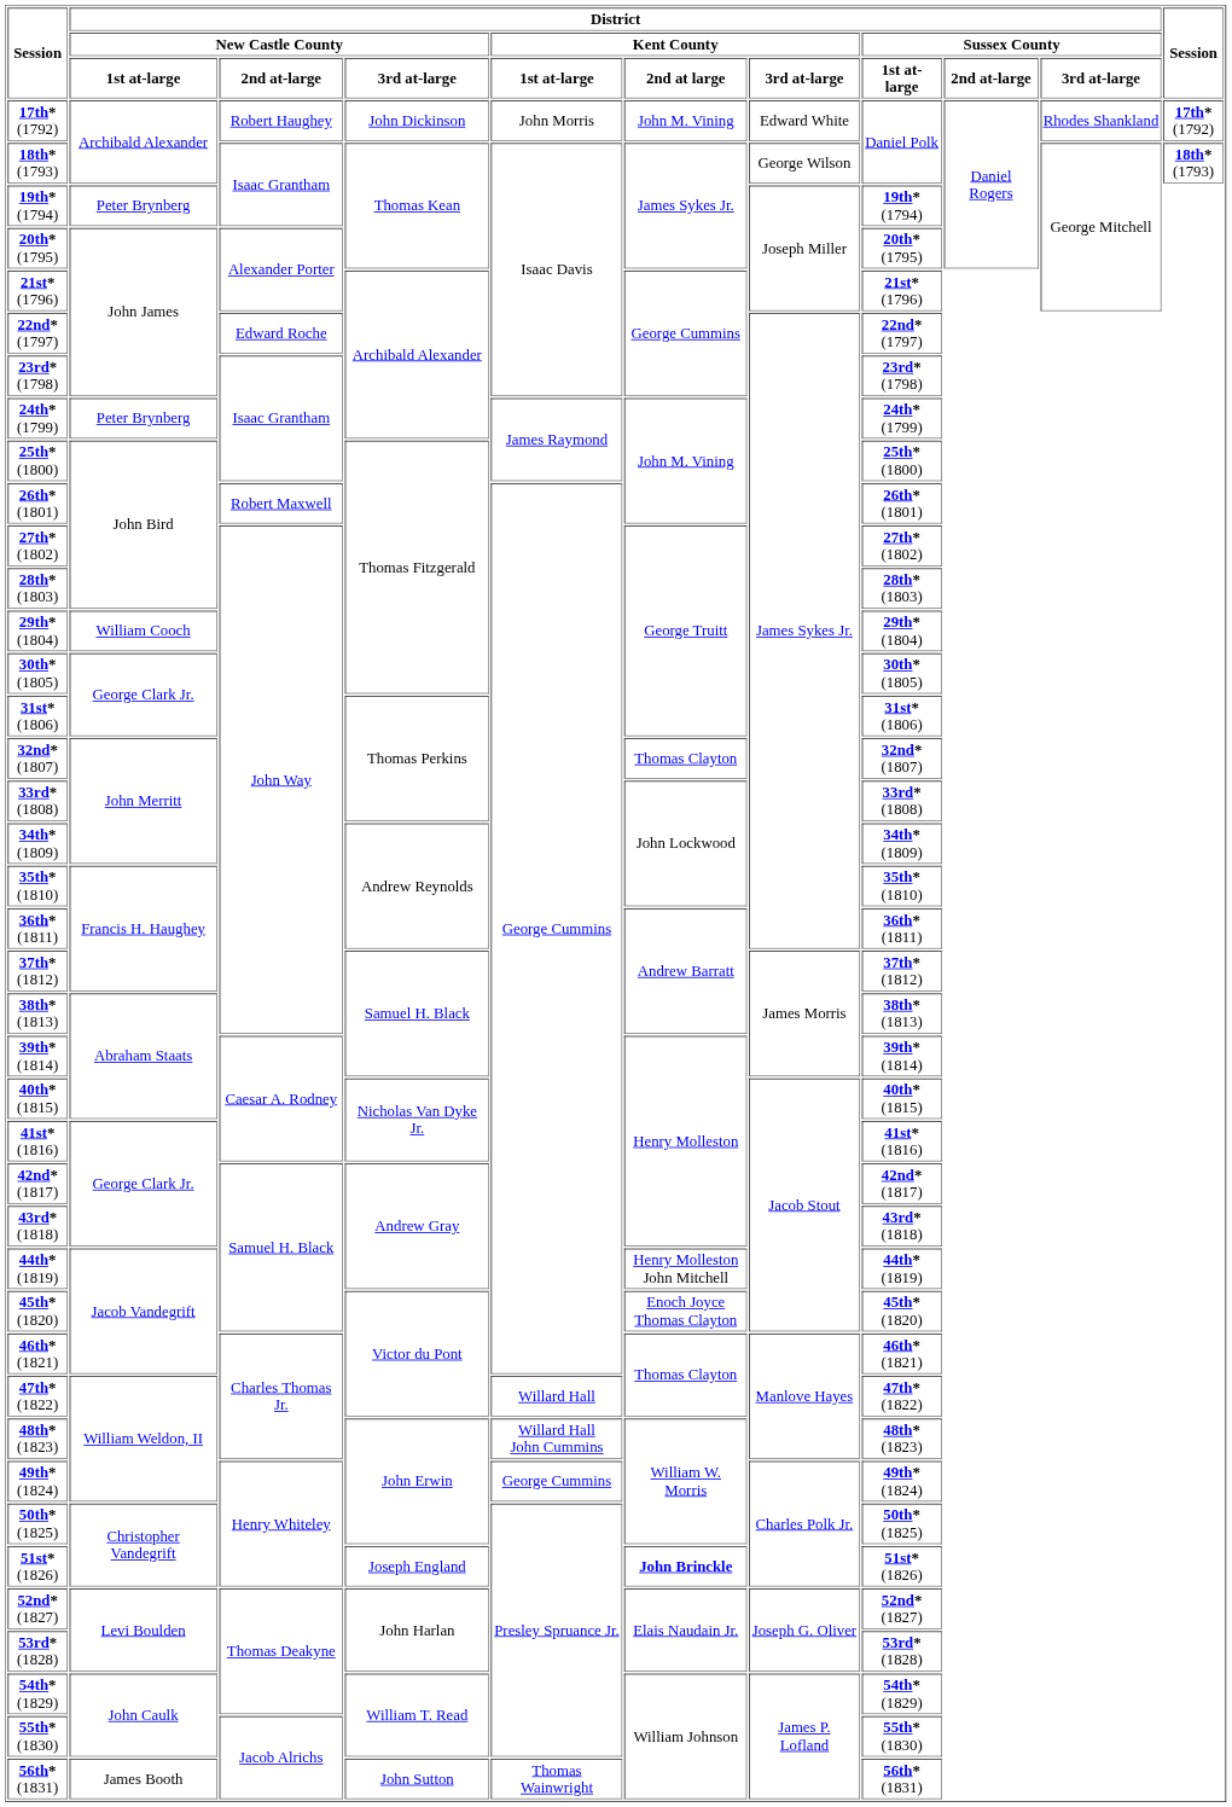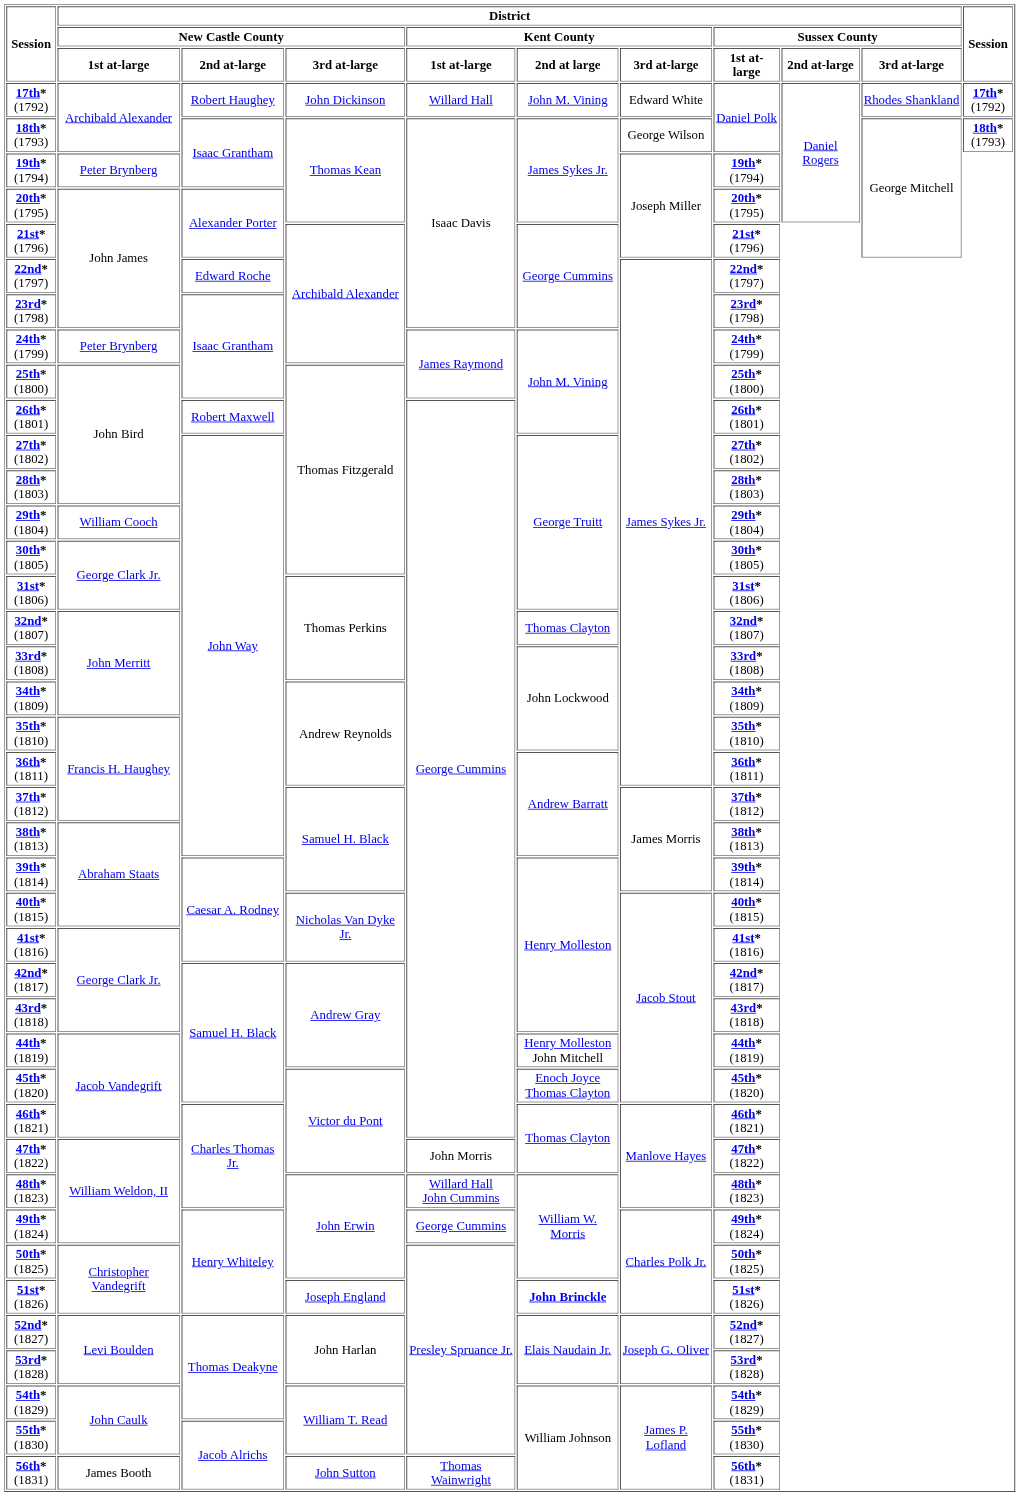 <table border=1 cellpadding=2 cellspacing=2 width=100%>
 <tr>
 <th rowspan="3" width="5%">Session</th>
 <th colspan="9">District</th>
 <th rowspan="3" width="5%">Session</th>
 </tr>
 <tr>
 <th colspan="3">New Castle County</th>
 <th colspan="3">Kent County</th>
 <th colspan="3">Sussex County</th>
 </tr>
 <tr>
 <th>1st at-large</th>
 <th>2nd at-large</th>
 <th>3rd at-large</th>
 <th>1st at-large</th>
 <th>2nd at large</th>
 <th>3rd at-large</th>
 <th>1st at-large</th>
 <th>2nd at-large</th>
 <th>3rd at-large</th>
 </tr>
 <tr align=center>
 <td><strong><a href='#'>17th</a>*</strong><br>(1792)</td>
 <td bgcolor=#FFFFFF rowspan="2"><a href='#'>Archibald Alexander</a></td>
 <td bgcolor=#FFFFFF rowspan="1"><a href='#'>Robert Haughey</a></td>
 <td bgcolor=#FFFFFF rowspan="1"><a href='#'>John Dickinson</a></td>
-<td bgcolor=#FFFFFF rowspan="1">John Morris</td>
+<td bgcolor=#FFFFFF rowspan="1"><a href='#'>Willard Hall</a></td>
 <td bgcolor=#FFFFFF rowspan="1"><a href='#'>John M. Vining</a></td>
 <td bgcolor=#FFFFFF rowspan="1">Edward White</td>
 <td bgcolor=#FFFFFF rowspan="2"><a href='#'>Daniel Polk</a></td>
 <td bgcolor=#FFFFFF rowspan="4"><a href='#'>Daniel Rogers</a></td>
 <td bgcolor=#FFFFFF rowspan="1"><a href='#'>Rhodes Shankland</a></td>
 <td><strong><a href='#'>17th</a>*</strong><br>(1792)</td>
 </tr>
 <tr align=center>
 <td><strong><a href='#'>18th</a>*</strong><br>(1793)</td>
 <td bgcolor=#FFFFFF rowspan="2"><a href='#'>Isaac Grantham</a></td>
 <td bgcolor=#FFFFFF rowspan="3"><a href='#'>Thomas Kean</a></td>
 <td bgcolor=#FFFFFF rowspan="6">Isaac Davis</td>
 <td bgcolor=#FFFFFF rowspan="3"><a href='#'>James Sykes Jr.</a></td>
 <td bgcolor=#FFFFFF rowspan="1">George Wilson</td>
 <td bgcolor=#FFFFFF rowspan="4">George Mitchell</td>
 <td><strong><a href='#'>18th</a>*</strong><br>(1793)</td>
 </tr>
 <tr align=center>
 <td><strong><a href='#'>19th</a>*</strong><br>(1794)</td>
 <td bgcolor=#FFFFFF rowspan="1"><a href='#'>Peter Brynberg</a></td>
 <td bgcolor=#FFFFFF rowspan="3">Joseph Miller</td>
 <td><strong><a href='#'>19th</a>*</strong><br>(1794)</td>
 </tr>
 <tr align=center>
 <td><strong><a href='#'>20th</a>*</strong><br>(1795)</td>
 <td bgcolor=#FFFFFF rowspan="4">John James</td>
 <td bgcolor=#FFFFFF rowspan="2"><a href='#'>Alexander Porter</a></td>
 <td><strong><a href='#'>20th</a>*</strong><br>(1795)</td>
 </tr>
 <tr align=center>
 <td><strong><a href='#'>21st</a>*</strong><br>(1796)</td>
 <td bgcolor=#FFFFFF rowspan="4"><a href='#'>Archibald Alexander</a></td>
 <td bgcolor=#FFFFFF rowspan="3"><a href='#'>George Cummins</a></td>
 <td><strong><a href='#'>21st</a>*</strong><br>(1796)</td>
 </tr>
 <tr align=center>
 <td><strong><a href='#'>22nd</a>*</strong><br>(1797)</td>
 <td bgcolor=#FFFFFF rowspan="1"><a href='#'>Edward Roche</a></td>
 <td bgcolor=#FFFFFF rowspan="15"><a href='#'>James Sykes Jr.</a></td>
 <td><strong><a href='#'>22nd</a>*</strong><br>(1797)</td>
 </tr>
 <tr align=center>
 <td><strong><a href='#'>23rd</a>*</strong><br>(1798)</td>
 <td bgcolor=#FFFFFF rowspan="3"><a href='#'>Isaac Grantham</a></td>
 <td><strong><a href='#'>23rd</a>*</strong><br>(1798)</td>
 </tr>
 <tr align=center>
 <td><strong><a href='#'>24th</a>*</strong><br>(1799)</td>
 <td bgcolor=#FFFFFF rowspan="1"><a href='#'>Peter Brynberg</a></td>
 <td bgcolor=#FFFFFF rowspan="2"><a href='#'>James Raymond</a></td>
 <td bgcolor=#FFFFFF rowspan="3"><a href='#'>John M. Vining</a></td>
 <td><strong><a href='#'>24th</a>*</strong><br>(1799)</td>
 </tr>
 <tr align=center>
 <td><strong><a href='#'>25th</a>*</strong><br>(1800)</td>
 <td bgcolor=#FFFFFF rowspan="4">John Bird</td>
 <td bgcolor=#FFFFFF rowspan="6">Thomas Fitzgerald</td>
 <td><strong><a href='#'>25th</a>*</strong><br>(1800)</td>
 </tr>
 <tr align=center>
 <td><strong><a href='#'>26th</a>*</strong><br>(1801)</td>
 <td bgcolor=#FFFFFF rowspan="1"><a href='#'>Robert Maxwell</a></td>
 <td bgcolor=#FFFFFF rowspan="21"><a href='#'>George Cummins</a></td>
 <td><strong><a href='#'>26th</a>*</strong><br>(1801)</td>
 </tr>
 <tr align=center>
 <td><strong><a href='#'>27th</a>*</strong><br>(1802)</td>
 <td bgcolor=#FFFFFF rowspan="12"><a href='#'>John Way</a></td>
 <td bgcolor=#FFFFFF rowspan="5"><a href='#'>George Truitt</a></td>
 <td><strong><a href='#'>27th</a>*</strong><br>(1802)</td>
 </tr>
 <tr align=center>
 <td><strong><a href='#'>28th</a>*</strong><br>(1803)</td>
 <td><strong><a href='#'>28th</a>*</strong><br>(1803)</td>
 </tr>
 <tr align=center>
 <td><strong><a href='#'>29th</a>*</strong><br>(1804)</td>
 <td bgcolor=#FFFFFF rowspan="1"><a href='#'>William Cooch</a></td>
 <td><strong><a href='#'>29th</a>*</strong><br>(1804)</td>
 </tr>
 <tr align=center>
 <td><strong><a href='#'>30th</a>*</strong><br>(1805)</td>
 <td bgcolor=#FFFFFF rowspan="2"><a href='#'>George Clark Jr.</a></td>
 <td><strong><a href='#'>30th</a>*</strong><br>(1805)</td>
 </tr>
 <tr align=center>
 <td><strong><a href='#'>31st</a>*</strong><br>(1806)</td>
 <td bgcolor=#FFFFFF rowspan="3">Thomas Perkins</td>
 <td><strong><a href='#'>31st</a>*</strong><br>(1806)</td>
 </tr>
 <tr align=center>
 <td><strong><a href='#'>32nd</a>*</strong><br>(1807)</td>
 <td bgcolor=#FFFFFF rowspan="3"><a href='#'>John Merritt</a></td>
 <td bgcolor=#FFFFFF rowspan="1"><a href='#'>Thomas Clayton</a></td>
 <td><strong><a href='#'>32nd</a>*</strong><br>(1807)</td>
 </tr>
 <tr align=center>
 <td><strong><a href='#'>33rd</a>*</strong><br>(1808)</td>
 <td bgcolor=#FFFFFF rowspan="3">John Lockwood</td>
 <td><strong><a href='#'>33rd</a>*</strong><br>(1808)</td>
 </tr>
 <tr align=center>
 <td><strong><a href='#'>34th</a>*</strong><br>(1809)</td>
 <td bgcolor=#FFFFFF rowspan="3">Andrew Reynolds</td>
 <td><strong><a href='#'>34th</a>*</strong><br>(1809)</td>
 </tr>
 <tr align=center>
 <td><strong><a href='#'>35th</a>*</strong><br>(1810)</td>
 <td bgcolor=#FFFFFF rowspan="3"><a href='#'>Francis H. Haughey</a></td>
 <td><strong><a href='#'>35th</a>*</strong><br>(1810)</td>
 </tr>
 <tr align=center>
 <td><strong><a href='#'>36th</a>*</strong><br>(1811)</td>
 <td bgcolor=#FFFFFF rowspan="3"><a href='#'>Andrew Barratt</a></td>
 <td><strong><a href='#'>36th</a>*</strong><br>(1811)</td>
 </tr>
 <tr align=center>
 <td><strong><a href='#'>37th</a>*</strong><br>(1812)</td>
 <td bgcolor=#FFFFFF rowspan="3"><a href='#'>Samuel H. Black</a></td>
 <td bgcolor=#FFFFFF rowspan="3">James Morris</td>
 <td><strong><a href='#'>37th</a>*</strong><br>(1812)</td>
 </tr>
 <tr align=center>
 <td><strong><a href='#'>38th</a>*</strong><br>(1813)</td>
 <td bgcolor=#FFFFFF rowspan="3"><a href='#'>Abraham Staats</a></td>
 <td><strong><a href='#'>38th</a>*</strong><br>(1813)</td>
 </tr>
 <tr align=center>
 <td><strong><a href='#'>39th</a>*</strong><br>(1814)</td>
 <td bgcolor=#FFFFFF rowspan="3"><a href='#'>Caesar A. Rodney</a></td>
 <td bgcolor=#FFFFFF rowspan="5"><a href='#'>Henry Molleston</a></td>
 <td><strong><a href='#'>39th</a>*</strong><br>(1814)</td>
 </tr>
 <tr align=center>
 <td><strong><a href='#'>40th</a>*</strong><br>(1815)</td>
 <td bgcolor=#FFFFFF rowspan="2"><a href='#'>Nicholas Van Dyke Jr.</a></td>
 <td bgcolor=#FFFFFF rowspan="6"><a href='#'>Jacob Stout</a></td>
 <td><strong><a href='#'>40th</a>*</strong><br>(1815)</td>
 </tr>
 <tr align=center>
 <td><strong><a href='#'>41st</a>*</strong><br>(1816)</td>
 <td bgcolor=#FFFFFF rowspan="3"><a href='#'>George Clark Jr.</a></td>
 <td><strong><a href='#'>41st</a>*</strong><br>(1816)</td>
 </tr>
 <tr align=center>
 <td><strong><a href='#'>42nd</a>*</strong><br>(1817)</td>
 <td bgcolor=#FFFFFF rowspan="4"><a href='#'>Samuel H. Black</a></td>
 <td bgcolor=#FFFFFF rowspan="3"><a href='#'>Andrew Gray</a></td>
 <td><strong><a href='#'>42nd</a>*</strong><br>(1817)</td>
 </tr>
 <tr align=center>
 <td><strong><a href='#'>43rd</a>*</strong><br>(1818)</td>
 <td><strong><a href='#'>43rd</a>*</strong><br>(1818)</td>
 </tr>
 <tr align=center>
 <td><strong><a href='#'>44th</a>*</strong><br>(1819)</td>
 <td bgcolor=#FFFFFF rowspan="3"><a href='#'>Jacob Vandegrift</a></td>
 <td bgcolor=#FFFFFF rowspan="1"><a href='#'>Henry Molleston</a><br>John Mitchell</td>
 <td><strong><a href='#'>44th</a>*</strong><br>(1819)</td>
 </tr>
 <tr align=center>
 <td><strong><a href='#'>45th</a>*</strong><br>(1820)</td>
 <td bgcolor=#FFFFFF rowspan="3"><a href='#'>Victor du Pont</a></td>
 <td bgcolor=#FFFFFF rowspan="1"><a href='#'>Enoch Joyce</a><br><a href='#'>Thomas Clayton</a></td>
 <td><strong><a href='#'>45th</a>*</strong><br>(1820)</td>
 </tr>
 <tr align=center>
 <td><strong><a href='#'>46th</a>*</strong><br>(1821)</td>
 <td bgcolor=#FFFFFF rowspan="3"><a href='#'>Charles Thomas Jr.</a></td>
 <td bgcolor=#FFFFFF rowspan="2"><a href='#'>Thomas Clayton</a></td>
 <td bgcolor=#FFFFFF rowspan="3"><a href='#'>Manlove Hayes</a></td>
 <td><strong><a href='#'>46th</a>*</strong><br>(1821)</td>
 </tr>
 <tr align=center>
 <td><strong><a href='#'>47th</a>*</strong><br>(1822)</td>
 <td bgcolor=#FFFFFF rowspan="3"><a href='#'>William Weldon, II</a></td>
-<td bgcolor=#FFFFFF rowspan="1"><a href='#'>Willard Hall</a></td>
+<td bgcolor=#FFFFFF rowspan="1">John Morris</td>
 <td><strong><a href='#'>47th</a>*</strong><br>(1822)</td>
 </tr>
 <tr align=center>
 <td><strong><a href='#'>48th</a>*</strong><br>(1823)</td>
 <td bgcolor=#FFFFFF rowspan="3"><a href='#'>John Erwin</a></td>
 <td bgcolor=#FFFFFF rowspan="1"><a href='#'>Willard Hall</a><br><a href='#'>John Cummins</a></td>
 <td bgcolor=#FFFFFF rowspan="3"><a href='#'>William W. Morris</a></td>
 <td><strong><a href='#'>48th</a>*</strong><br>(1823)</td>
 </tr>
 <tr align=center>
 <td><strong><a href='#'>49th</a>*</strong><br>(1824)</td>
 <td bgcolor=#FFFFFF rowspan="3"><a href='#'>Henry Whiteley</a></td>
 <td bgcolor=#FFFFFF rowspan="1"><a href='#'>George Cummins</a></td>
 <td bgcolor=#FFFFFF rowspan="3"><a href='#'>Charles Polk Jr.</a></td>
 <td><strong><a href='#'>49th</a>*</strong><br>(1824)</td>
 </tr>
 <tr align=center>
 <td><strong><a href='#'>50th</a>*</strong><br>(1825)</td>
 <td bgcolor=#FFFFFF rowspan="2"><a href='#'>Christopher Vandegrift</a></td>
 <td bgcolor=#FFFFFF rowspan="6"><a href='#'>Presley Spruance Jr.</a></td>
 <td><strong><a href='#'>50th</a>*</strong><br>(1825)</td>
 </tr>
 <tr align=center>
 <td><strong><a href='#'>51st</a>*</strong><br>(1826)</td>
 <td bgcolor=#FFFFFF rowspan="1"><a href='#'>Joseph England</a></td>
 <td bgcolor=#FFFFFF rowspan="1"><strong><a href='#'>John Brinckle</a></strong></td>
 <td><strong><a href='#'>51st</a>*</strong><br>(1826)</td>
 </tr>
 <tr align=center>
 <td><strong><a href='#'>52nd</a>*</strong><br>(1827)</td>
 <td bgcolor=#FFFFFF rowspan="2"><a href='#'>Levi Boulden</a></td>
 <td bgcolor=#FFFFFF rowspan="3"><a href='#'>Thomas Deakyne</a></td>
 <td bgcolor=#FFFFFF rowspan="2">John Harlan</td>
 <td bgcolor=#FFFFFF rowspan="2"><a href='#'>Elais Naudain Jr.</a></td>
 <td bgcolor=#FFFFFF rowspan="2"><a href='#'>Joseph G. Oliver</a></td>
 <td><strong><a href='#'>52nd</a>*</strong><br>(1827)</td>
 </tr>
 <tr align=center>
 <td><strong><a href='#'>53rd</a>*</strong><br>(1828)</td>
 <td><strong><a href='#'>53rd</a>*</strong><br>(1828)</td>
 </tr>
 <tr align=center>
 <td><strong><a href='#'>54th</a>*</strong><br>(1829)</td>
 <td bgcolor=#FFFFFF rowspan="2"><a href='#'>John Caulk</a></td>
 <td bgcolor=#FFFFFF rowspan="2"><a href='#'>William T. Read</a></td>
 <td bgcolor=#FFFFFF rowspan="3">William Johnson</td>
 <td bgcolor=#FFFFFF rowspan="3"><a href='#'>James P. Lofland</a></td>
 <td><strong><a href='#'>54th</a>*</strong><br>(1829)</td>
 </tr>
 <tr align=center>
 <td><strong><a href='#'>55th</a>*</strong><br>(1830)</td>
 <td bgcolor=#FFFFFF rowspan="2"><a href='#'>Jacob Alrichs</a></td>
 <td><strong><a href='#'>55th</a>*</strong><br>(1830)</td>
 </tr>
 <tr align=center>
 <td><strong><a href='#'>56th</a>*</strong><br>(1831)</td>
 <td bgcolor=#FFFFFF rowspan="2">James Booth</td>
 <td bgcolor=#FFFFFF rowspan="2"><a href='#'>John Sutton</a></td>
 <td bgcolor=#FFFFFF rowspan="1"><a href='#'>Thomas Wainwright</a></td>
 <td><strong><a href='#'>56th</a>*</strong><br>(1831)</td>
 </tr>
 </table>
